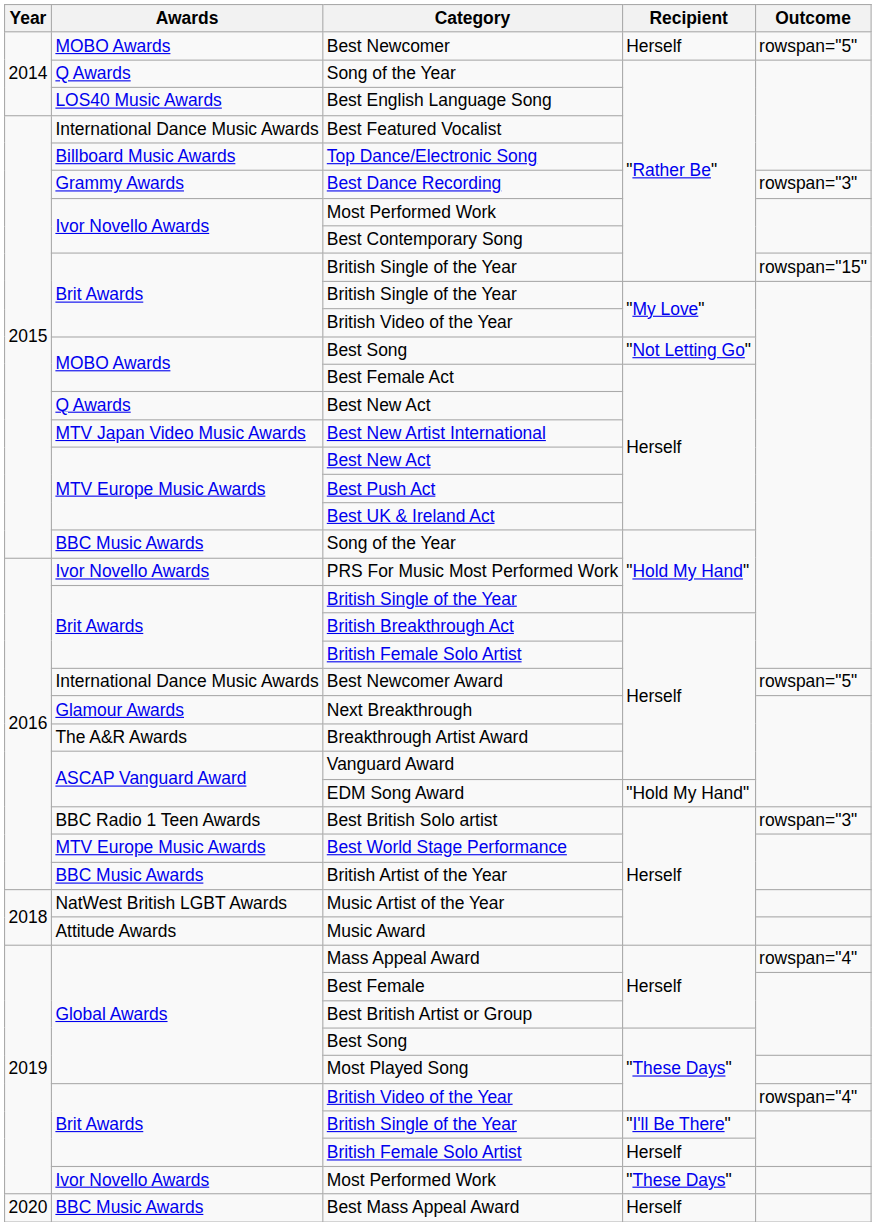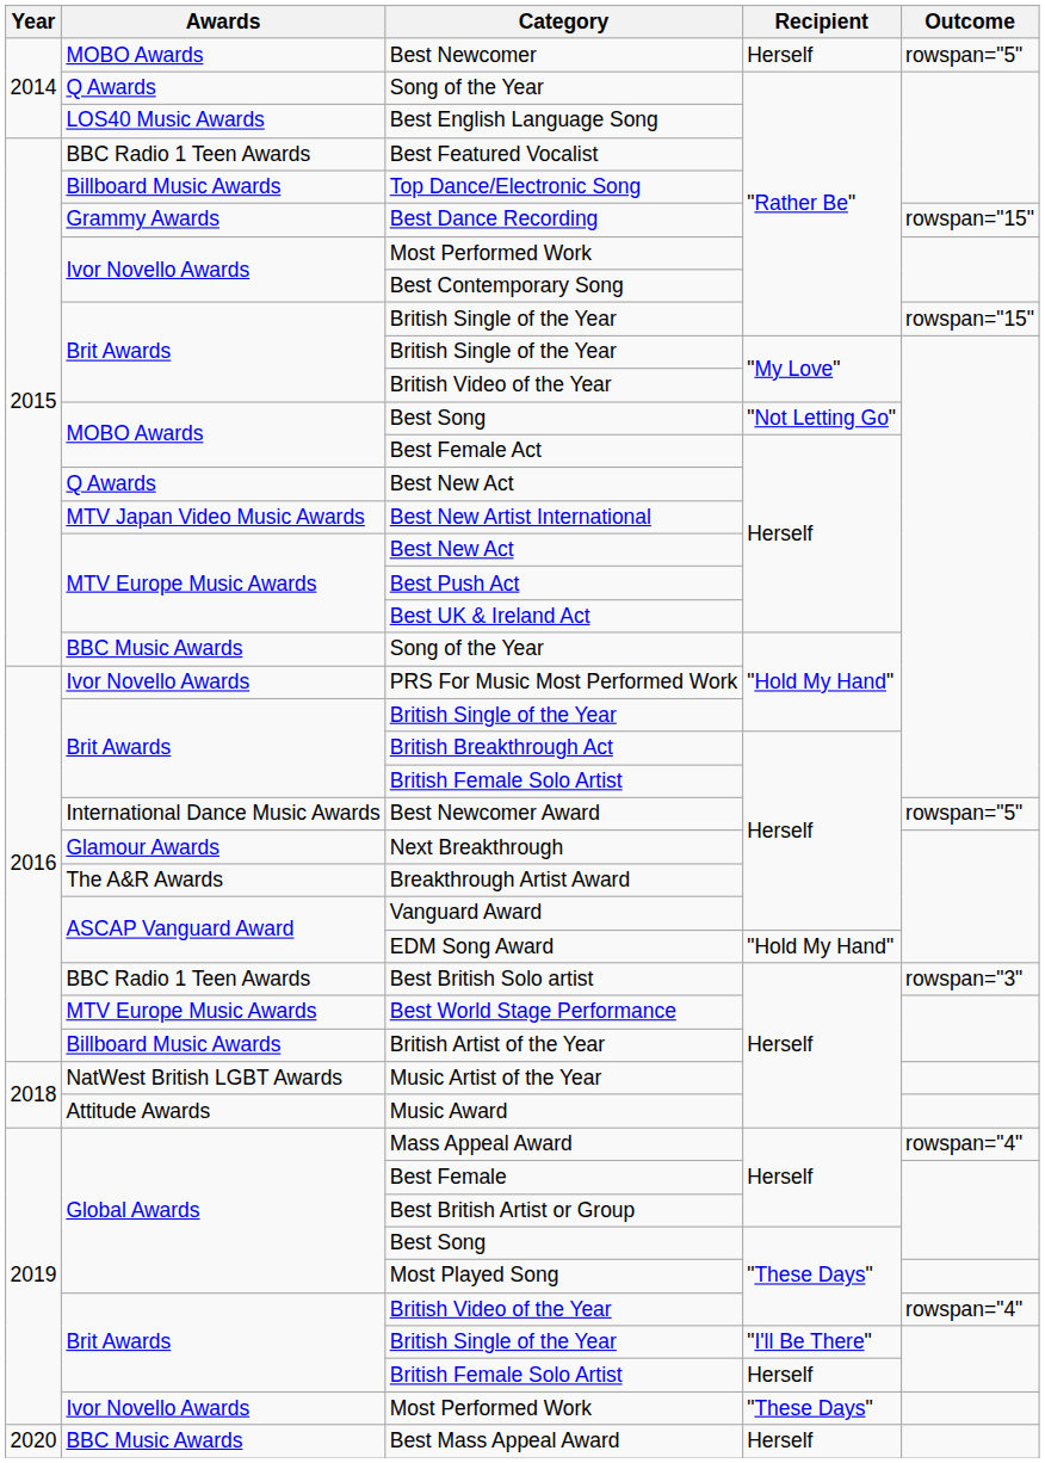 <table class="wikitable">
 <tr>
 <th>Year</th>
 <th>Awards</th>
 <th>Category</th>
 <th>Recipient</th>
 <th>Outcome</th>
 </tr>
 <tr>
 <td rowspan="3">2014</td>
 <td><a href='#'>MOBO Awards</a></td>
 <td>Best Newcomer</td>
 <td>Herself</td>
 <td>rowspan="5" </td>
 </tr>
 <tr>
 <td><a href='#'>Q Awards</a></td>
 <td>Song of the Year</td>
 <td rowspan="8">"<a href='#'>Rather Be</a>"</td>
 </tr>
 <tr>
 <td><a href='#'>LOS40 Music Awards</a></td>
 <td>Best English Language Song</td>
 </tr>
 <tr>
 <td rowspan="16">2015</td>
-<td>International Dance Music Awards</td>
+<td>BBC Radio 1 Teen Awards</td>
 <td>Best Featured Vocalist</td>
 </tr>
 <tr>
 <td><a href='#'>Billboard Music Awards</a></td>
 <td><a href='#'>Top Dance/Electronic Song</a></td>
 </tr>
 <tr>
 <td><a href='#'>Grammy Awards</a></td>
 <td><a href='#'>Best Dance Recording</a></td>
-<td>rowspan="3" </td>
+<td>rowspan="15" </td>
 </tr>
 <tr>
 <td rowspan="2"><a href='#'>Ivor Novello Awards</a></td>
 <td>Most Performed Work</td>
 </tr>
 <tr>
 <td>Best Contemporary Song</td>
 </tr>
 <tr>
 <td rowspan="3"><a href='#'>Brit Awards</a></td>
 <td>British Single of the Year</td>
 <td>rowspan="15" </td>
 </tr>
 <tr>
 <td>British Single of the Year</td>
 <td rowspan="2">"<a href='#'>My Love</a>"</td>
 </tr>
 <tr>
 <td>British Video of the Year</td>
 </tr>
 <tr>
 <td rowspan="2"><a href='#'>MOBO Awards</a></td>
 <td>Best Song</td>
 <td>"<a href='#'>Not Letting Go</a>"</td>
 </tr>
 <tr>
 <td>Best Female Act</td>
 <td rowspan="6">Herself</td>
 </tr>
 <tr>
 <td><a href='#'>Q Awards</a></td>
 <td>Best New Act</td>
 </tr>
 <tr>
 <td><a href='#'>MTV Japan Video Music Awards</a></td>
 <td><a href='#'>Best New Artist International</a></td>
 </tr>
 <tr>
 <td rowspan="3"><a href='#'>MTV Europe Music Awards</a></td>
 <td><a href='#'>Best New Act</a></td>
 </tr>
 <tr>
 <td><a href='#'>Best Push Act</a></td>
 </tr>
 <tr>
 <td><a href='#'>Best UK & Ireland Act</a></td>
 </tr>
 <tr>
 <td><a href='#'>BBC Music Awards</a></td>
 <td>Song of the Year</td>
 <td rowspan="3">"<a href='#'>Hold My Hand</a>"</td>
 </tr>
 <tr>
 <td rowspan="12">2016</td>
 <td><a href='#'>Ivor Novello Awards</a></td>
 <td>PRS For Music Most Performed Work</td>
 </tr>
 <tr>
 <td rowspan="3"><a href='#'>Brit Awards</a></td>
 <td><a href='#'>British Single of the Year</a></td>
 </tr>
 <tr>
 <td><a href='#'>British Breakthrough Act</a></td>
 <td rowspan="6">Herself</td>
 </tr>
 <tr>
 <td><a href='#'>British Female Solo Artist</a></td>
 </tr>
 <tr>
 <td>International Dance Music Awards</td>
 <td>Best Newcomer Award</td>
 <td>rowspan="5" </td>
 </tr>
 <tr>
 <td><a href='#'>Glamour Awards</a></td>
 <td>Next Breakthrough</td>
 </tr>
 <tr>
 <td>The A&R Awards</td>
 <td>Breakthrough Artist Award</td>
 </tr>
 <tr>
 <td rowspan="2"><a href='#'>ASCAP Vanguard Award</a></td>
 <td>Vanguard Award</td>
 </tr>
 <tr>
 <td>EDM Song Award</td>
 <td>"Hold My Hand"</td>
 </tr>
 <tr>
 <td>BBC Radio 1 Teen Awards</td>
 <td>Best British Solo artist</td>
 <td rowspan="5">Herself</td>
 <td>rowspan="3" </td>
 </tr>
 <tr>
 <td><a href='#'>MTV Europe Music Awards</a></td>
 <td><a href='#'>Best World Stage Performance</a></td>
 </tr>
 <tr>
-<td><a href='#'>BBC Music Awards</a></td>
+<td><a href='#'>Billboard Music Awards</a></td>
 <td>British Artist of the Year</td>
 </tr>
 <tr>
 <td rowspan="2">2018</td>
 <td>NatWest British LGBT Awards</td>
 <td>Music Artist of the Year</td>
 <td></td>
 </tr>
 <tr>
 <td>Attitude Awards</td>
 <td>Music Award</td>
 <td></td>
 </tr>
 <tr>
 <td rowspan="10">2019</td>
 <td rowspan="5"><a href='#'>Global Awards</a></td>
 <td>Mass Appeal Award</td>
 <td rowspan="3">Herself</td>
 <td>rowspan="4" </td>
 </tr>
 <tr>
 <td>Best Female</td>
 </tr>
 <tr>
 <td>Best British Artist or Group</td>
 </tr>
 <tr>
 <td>Best Song</td>
 <td rowspan="4">"<a href='#'>These Days</a>"</td>
 </tr>
 <tr>
 <td>Most Played Song</td>
 <td></td>
 </tr>
 <tr>
 <td rowspan="4"><a href='#'>Brit Awards</a></td>
 <td><a href='#'>British Video of the Year</a></td>
 <td>rowspan="4" </td>
 </tr>
 <tr>
 <td rowspan="2"><a href='#'>British Single of the Year</a></td>
 </tr>
 <tr>
 <td>"<a href='#'>I'll Be There</a>"</td>
 </tr>
 <tr>
 <td><a href='#'>British Female Solo Artist</a></td>
 <td>Herself</td>
 </tr>
 <tr>
 <td><a href='#'>Ivor Novello Awards</a></td>
 <td>Most Performed Work</td>
 <td>"<a href='#'>These Days</a>"</td>
 <td></td>
 </tr>
 <tr>
 <td>2020</td>
 <td><a href='#'>BBC Music Awards</a></td>
 <td>Best Mass Appeal Award</td>
 <td>Herself</td>
 <td></td>
 </tr>
 </table>
